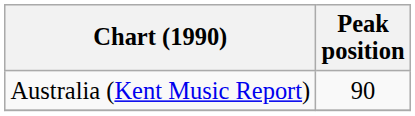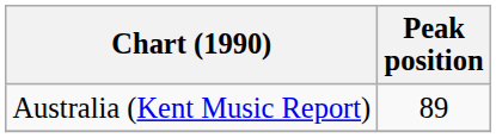 <table class="wikitable">
 <tr>
 <th scope="col">Chart (1990)</th>
 <th>Peak<br>position</th>
 </tr>
 <tr>
 <td>Australia (<a href='#'>Kent Music Report</a>)</td>
-<td style="text-align:center;">90</td>
+<td style="text-align:center;">89</td>
 </tr>
 <tr>
 </tr>
 </table>
